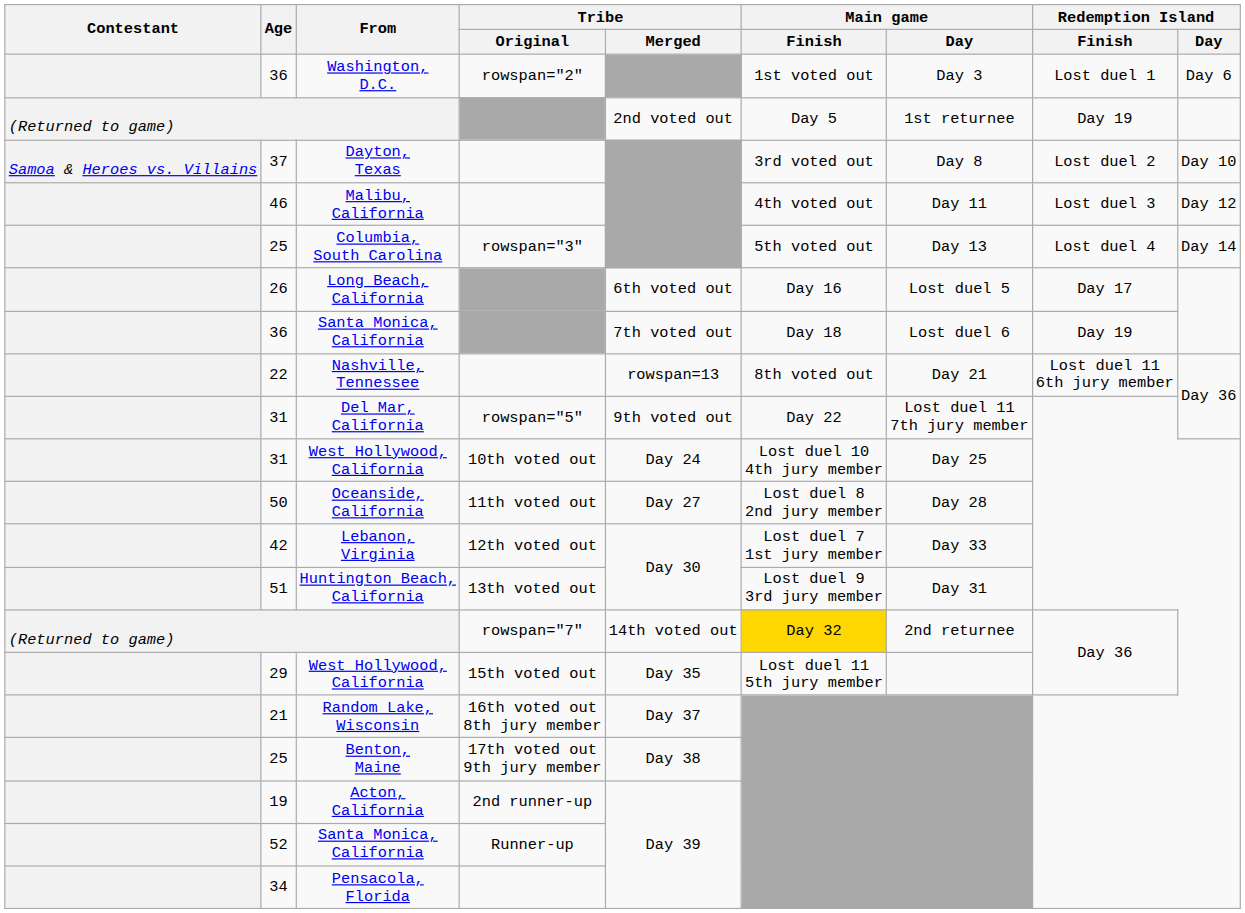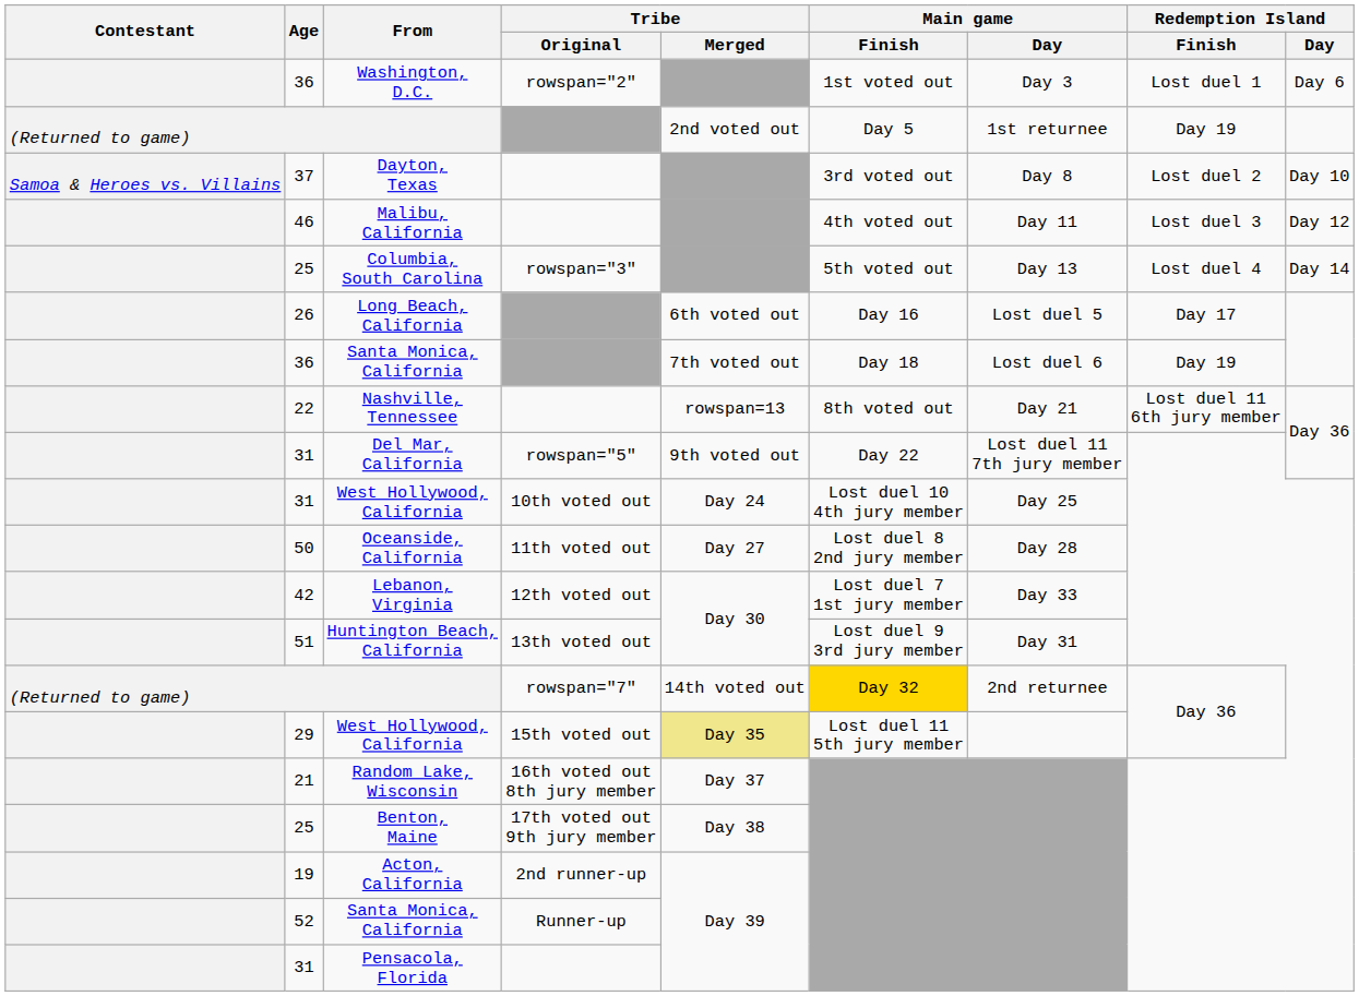 <table class="wikitable sortable" style="margin:auto; text-align:center">
 <tr>
 <th rowspan="2" scope="col">Contestant</th>
 <th rowspan="2" scope="col">Age</th>
 <th rowspan="2" scope="col" class=unsortable>From</th>
 <th colspan="2" scope="colgroup">Tribe</th>
 <th colspan="2" scope="colgroup">Main game</th>
 <th colspan="2" scope="col" class="unsortable">Redemption Island</th>
 </tr>
 <tr>
 <th scope="col">Original</th>
 <th scope="col" class=unsortable>Merged</th>
 <th scope="col" class=unsortable>Finish</th>
 <th scope="col" class=unsortable>Day</th>
 <th scope="col" class=unsortable>Finish</th>
 <th scope="col" class=unsortable>Day</th>
 </tr>
 <tr>
 <th scope="row" style="text-align:left"></th>
 <td>36</td>
 <td><a href='#'>Washington,<br>D.C.</a></td>
 <td>rowspan="2" </td>
 <td bgcolor="darkgray"></td>
 <td>1st voted out</td>
 <td>Day 3</td>
 <td>Lost duel 1</td>
 <td>Day 6</td>
 </tr>
 <tr>
 <th colspan="3" scope="row" style="text-align:left;font-weight:normal"><em></em><br><em>(Returned to game)</em></th>
 <td bgcolor="darkgray"></td>
 <td>2nd voted out</td>
 <td>Day 5</td>
 <td>1st returnee</td>
 <td>Day 19</td>
 </tr>
 <tr>
 <th scope="row" style="text-align:left;font-weight:normal"><strong></strong><br><em><a href='#'>Samoa</a> & <a href='#'>Heroes vs. Villains</a></em></th>
 <td>37</td>
 <td><a href='#'>Dayton,<br>Texas</a></td>
 <td></td>
 <td bgcolor="darkgray"></td>
 <td>3rd voted out</td>
 <td>Day 8</td>
 <td>Lost duel 2</td>
 <td>Day 10</td>
 </tr>
 <tr>
 <th scope="row" style="text-align:left"></th>
 <td>46</td>
 <td><a href='#'>Malibu,<br>California</a></td>
 <td></td>
 <td bgcolor="darkgray"></td>
 <td>4th voted out</td>
 <td>Day 11</td>
 <td>Lost duel 3</td>
 <td>Day 12</td>
 </tr>
 <tr>
 <th scope="row" style="text-align:left"></th>
 <td>25</td>
 <td><a href='#'>Columbia,<br>South Carolina</a></td>
 <td>rowspan="3" </td>
 <td bgcolor="darkgray"></td>
 <td>5th voted out</td>
 <td>Day 13</td>
 <td>Lost duel 4</td>
 <td>Day 14</td>
 </tr>
 <tr>
 <th scope="row" style="text-align:left"></th>
 <td>26</td>
 <td><a href='#'>Long Beach,<br>California</a></td>
 <td bgcolor="darkgray"></td>
 <td>6th voted out</td>
 <td>Day 16</td>
 <td>Lost duel 5</td>
 <td>Day 17</td>
 </tr>
 <tr>
 <th scope="row" style="text-align:left"></th>
 <td>36</td>
 <td><a href='#'>Santa Monica,<br>California</a></td>
 <td bgcolor="darkgray"></td>
 <td>7th voted out</td>
 <td>Day 18</td>
 <td>Lost duel 6</td>
 <td>Day 19</td>
 </tr>
 <tr>
 <th scope="row" style="text-align:left"></th>
 <td>22</td>
 <td><a href='#'>Nashville,<br>Tennessee</a></td>
 <td></td>
 <td>rowspan=13 </td>
 <td>8th voted out</td>
 <td>Day 21</td>
 <td>Lost duel 11<br>6th jury member</td>
 <td rowspan="2">Day 36</td>
 </tr>
 <tr>
 <th scope="row" style="text-align:left"></th>
 <td>31</td>
 <td><a href='#'>Del Mar,<br>California</a></td>
 <td>rowspan="5" </td>
 <td>9th voted out</td>
 <td>Day 22</td>
 <td>Lost duel 11<br>7th jury member</td>
 </tr>
 <tr>
 <th scope="row" style="text-align:left"></th>
 <td>31</td>
 <td><a href='#'>West Hollywood,<br>California</a></td>
 <td>10th voted out</td>
 <td>Day 24</td>
 <td>Lost duel 10<br>4th jury member</td>
 <td>Day 25</td>
 </tr>
 <tr>
 <th scope="row" style="text-align:left"></th>
 <td>50</td>
 <td><a href='#'>Oceanside,<br>California</a></td>
 <td>11th voted out</td>
 <td>Day 27</td>
 <td>Lost duel 8<br>2nd jury member</td>
 <td>Day 28</td>
 </tr>
 <tr>
 <th scope="row" style="text-align:left"></th>
 <td>42</td>
 <td><a href='#'>Lebanon,<br>Virginia</a></td>
 <td>12th voted out</td>
 <td rowspan="2">Day 30</td>
 <td>Lost duel 7<br>1st jury member</td>
 <td>Day 33</td>
 </tr>
 <tr>
 <th scope="row" style="text-align:left"></th>
 <td>51</td>
 <td><a href='#'>Huntington Beach,<br>California</a></td>
 <td>13th voted out</td>
 <td>Lost duel 9<br>3rd jury member</td>
 <td>Day 31</td>
 </tr>
 <tr>
 <th colspan="3" scope="row" style="text-align:left;font-weight:normal"><em></em><br><em>(Returned to game)</em></th>
 <td>rowspan="7" </td>
 <td>14th voted out</td>
 <td style="background: gold;">Day 32</td>
 <td>2nd returnee</td>
 <td rowspan="2">Day 36</td>
 </tr>
 <tr>
 <th scope="row" style="text-align:left"></th>
 <td>29</td>
 <td><a href='#'>West Hollywood,<br>California</a></td>
 <td>15th voted out</td>
-<td>Day 35</td>
+<td style="background: khaki;">Day 35</td>
 <td>Lost duel 11<br>5th jury member</td>
 </tr>
 <tr>
 <th scope="row" style="text-align:left"></th>
 <td>21</td>
 <td><a href='#'>Random Lake,<br>Wisconsin</a></td>
 <td>16th voted out<br>8th jury member</td>
 <td>Day 37</td>
 <td colspan="2" rowspan="5" bgcolor="darkgray"></td>
 </tr>
 <tr>
 <th scope="row" style="text-align:left"></th>
 <td>25</td>
 <td><a href='#'>Benton,<br>Maine</a></td>
 <td>17th voted out<br>9th jury member</td>
 <td>Day 38</td>
 </tr>
 <tr>
 <th scope="row" style="text-align:left"></th>
 <td>19</td>
 <td><a href='#'>Acton,<br>California</a></td>
 <td>2nd runner-up</td>
 <td rowspan="3">Day 39</td>
 </tr>
 <tr>
 <th scope="row" style="text-align:left"></th>
 <td>52</td>
 <td><a href='#'>Santa Monica,<br>California</a></td>
 <td>Runner-up</td>
 </tr>
 <tr>
 <th scope="row" style="text-align:left;font-weight:normal"><strong></strong><br></th>
-<td>34</td>
+<td>31</td>
 <td><a href='#'>Pensacola,<br>Florida</a></td>
 <td></td>
 </tr>
 </table>
